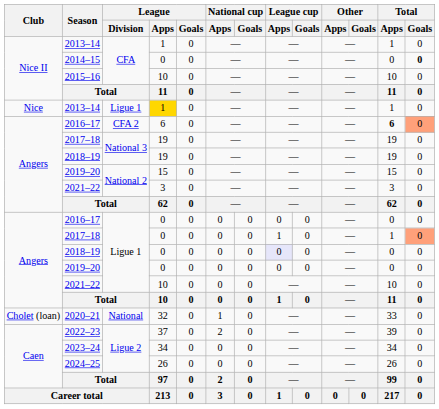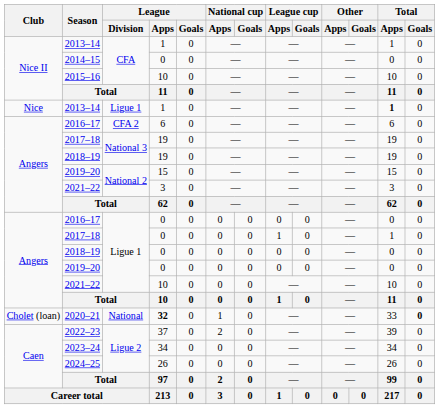 <table class="wikitable" style="text-align:center">
 <tr>
 <th rowspan="2">Club</th>
 <th rowspan="2">Season</th>
 <th colspan="3">League</th>
 <th colspan="2">National cup</th>
 <th colspan="2">League cup</th>
 <th colspan="2">Other</th>
 <th colspan="2">Total</th>
 </tr>
 <tr>
 <th>Division</th>
 <th>Apps</th>
 <th>Goals</th>
 <th>Apps</th>
 <th>Goals</th>
 <th>Apps</th>
 <th>Goals</th>
 <th>Apps</th>
 <th>Goals</th>
 <th>Apps</th>
 <th>Goals</th>
 </tr>
 <tr>
 <td rowspan="4"><a href='#'>Nice II</a></td>
 <td><a href='#'>2013–14</a></td>
 <td rowspan="3"><a href='#'>CFA</a></td>
 <td>1</td>
 <td>0</td>
 <td colspan="2">—</td>
 <td colspan="2">—</td>
 <td colspan="2">—</td>
 <td>1</td>
 <td>0</td>
 </tr>
 <tr>
 <td><a href='#'>2014–15</a></td>
 <td>0</td>
 <td>0</td>
 <td colspan="2">—</td>
 <td colspan="2">—</td>
 <td colspan="2">—</td>
 <td>0</td>
-<td><strong>0</strong></td>
+<td>0</td>
 </tr>
 <tr>
 <td><a href='#'>2015–16</a></td>
 <td>10</td>
 <td>0</td>
 <td colspan="2">—</td>
 <td colspan="2">—</td>
 <td colspan="2">—</td>
 <td>10</td>
 <td>0</td>
 </tr>
 <tr>
 <th colspan="2">Total</th>
 <th>11</th>
 <th>0</th>
 <th colspan="2">—</th>
 <th colspan="2">—</th>
 <th colspan="2">—</th>
 <th>11</th>
 <th>0</th>
 </tr>
 <tr>
 <td><a href='#'>Nice</a></td>
 <td><a href='#'>2013–14</a></td>
 <td><a href='#'>Ligue 1</a></td>
-<td style="background: gold;">1</td>
+<td>1</td>
 <td>0</td>
 <td colspan="2">—</td>
 <td colspan="2">—</td>
 <td colspan="2">—</td>
-<td>1</td>
+<td><strong>1</strong></td>
 <td>0</td>
 </tr>
 <tr>
 <td rowspan="6"><a href='#'>Angers</a></td>
 <td><a href='#'>2016–17</a></td>
 <td><a href='#'>CFA 2</a></td>
 <td>6</td>
 <td>0</td>
 <td colspan="2">—</td>
 <td colspan="2">—</td>
 <td colspan="2">—</td>
-<td><strong>6</strong></td>
-<td style="background: lightsalmon;">0</td>
+<td>6</td>
+<td>0</td>
 </tr>
 <tr>
 <td><a href='#'>2017–18</a></td>
 <td rowspan="2"><a href='#'>National 3</a></td>
 <td>19</td>
 <td>0</td>
 <td colspan="2">—</td>
 <td colspan="2">—</td>
 <td colspan="2">—</td>
 <td>19</td>
 <td>0</td>
 </tr>
 <tr>
 <td><a href='#'>2018–19</a></td>
 <td>19</td>
 <td>0</td>
 <td colspan="2">—</td>
 <td colspan="2">—</td>
 <td colspan="2">—</td>
 <td>19</td>
 <td>0</td>
 </tr>
 <tr>
 <td><a href='#'>2019–20</a></td>
 <td rowspan="2"><a href='#'>National 2</a></td>
 <td>15</td>
 <td>0</td>
 <td colspan="2">—</td>
 <td colspan="2">—</td>
 <td colspan="2">—</td>
 <td>15</td>
 <td>0</td>
 </tr>
 <tr>
 <td><a href='#'>2021–22</a></td>
 <td>3</td>
 <td>0</td>
 <td colspan="2">—</td>
 <td colspan="2">—</td>
 <td colspan="2">—</td>
 <td>3</td>
 <td>0</td>
 </tr>
 <tr>
 <th colspan="2">Total</th>
 <th>62</th>
 <th>0</th>
 <th colspan="2">—</th>
 <th colspan="2">—</th>
 <th colspan="2">—</th>
 <th>62</th>
 <th>0</th>
 </tr>
 <tr>
 <td rowspan="6"><a href='#'>Angers</a></td>
 <td><a href='#'>2016–17</a></td>
 <td rowspan="5">Ligue 1</td>
 <td>0</td>
 <td>0</td>
 <td>0</td>
 <td>0</td>
 <td>0</td>
 <td>0</td>
 <td colspan="2">—</td>
 <td>0</td>
 <td>0</td>
 </tr>
 <tr>
 <td><a href='#'>2017–18</a></td>
 <td>0</td>
 <td>0</td>
 <td>0</td>
 <td>0</td>
 <td>1</td>
 <td>0</td>
 <td colspan="2">—</td>
 <td>1</td>
-<td style="background: lightsalmon;">0</td>
+<td>0</td>
 </tr>
 <tr>
 <td><a href='#'>2018–19</a></td>
 <td>0</td>
 <td>0</td>
 <td>0</td>
 <td>0</td>
-<td style="background: lavender;">0</td>
+<td>0</td>
 <td>0</td>
 <td colspan="2">—</td>
 <td>0</td>
 <td>0</td>
 </tr>
 <tr>
 <td><a href='#'>2019–20</a></td>
 <td>0</td>
 <td>0</td>
 <td>0</td>
 <td>0</td>
 <td>0</td>
 <td>0</td>
 <td colspan="2">—</td>
 <td>0</td>
 <td>0</td>
 </tr>
 <tr>
 <td><a href='#'>2021–22</a></td>
 <td>10</td>
 <td>0</td>
 <td>0</td>
 <td>0</td>
 <td colspan="2">—</td>
 <td colspan="2">—</td>
 <td>10</td>
 <td>0</td>
 </tr>
 <tr>
 <th colspan="2">Total</th>
 <th>10</th>
 <th>0</th>
 <th>0</th>
 <th>0</th>
 <th>1</th>
 <th>0</th>
 <th colspan="2">—</th>
 <th>11</th>
 <th>0</th>
 </tr>
 <tr>
 <td><a href='#'>Cholet</a> (loan)</td>
 <td><a href='#'>2020–21</a></td>
 <td><a href='#'>National</a></td>
-<td>32</td>
+<td><strong>32</strong></td>
 <td>0</td>
 <td>1</td>
 <td>0</td>
 <td colspan="2">—</td>
 <td colspan="2">—</td>
 <td>33</td>
-<td>0</td>
+<td><strong>0</strong></td>
 </tr>
 <tr>
 <td rowspan="4"><a href='#'>Caen</a></td>
 <td><a href='#'>2022–23</a></td>
 <td rowspan="3"><a href='#'>Ligue 2</a></td>
 <td>37</td>
 <td>0</td>
 <td>2</td>
 <td>0</td>
 <td colspan="2">—</td>
 <td colspan="2">—</td>
 <td>39</td>
 <td>0</td>
 </tr>
 <tr>
 <td><a href='#'>2023–24</a></td>
 <td>34</td>
 <td>0</td>
 <td>0</td>
 <td>0</td>
 <td colspan="2">—</td>
 <td colspan="2">—</td>
 <td>34</td>
 <td>0</td>
 </tr>
 <tr>
 <td><a href='#'>2024–25</a></td>
 <td>26</td>
 <td>0</td>
 <td>0</td>
 <td>0</td>
 <td colspan="2">—</td>
 <td colspan="2">—</td>
 <td>26</td>
 <td>0</td>
 </tr>
 <tr>
 <th colspan="2">Total</th>
 <th>97</th>
 <th>0</th>
 <th>2</th>
 <th>0</th>
 <th colspan="2">—</th>
 <th colspan="2">—</th>
 <th>99</th>
 <th>0</th>
 </tr>
 <tr>
 <th colspan="3">Career total</th>
 <th>213</th>
 <th>0</th>
 <th>3</th>
 <th>0</th>
 <th>1</th>
 <th>0</th>
 <th>0</th>
 <th>0</th>
 <th>217</th>
 <th>0</th>
 </tr>
 </table>
